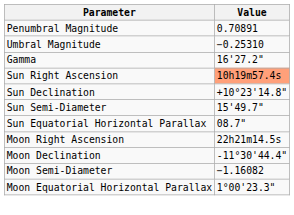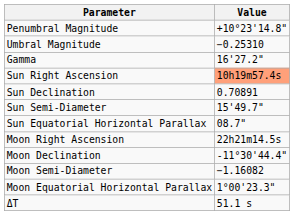 <table class="wikitable">
 <tr>
 <th>Parameter</th>
 <th>Value</th>
 </tr>
 <tr>
 <td>Penumbral Magnitude</td>
-<td>0.70891</td>
+<td>+10°23'14.8"</td>
 </tr>
 <tr>
 <td>Umbral Magnitude</td>
 <td>−0.25310</td>
 </tr>
 <tr>
 <td>Gamma</td>
 <td>16'27.2"</td>
 </tr>
 <tr>
 <td>Sun Right Ascension</td>
 <td style="background: lightsalmon;">10h19m57.4s</td>
 </tr>
 <tr>
 <td>Sun Declination</td>
-<td>+10°23'14.8"</td>
+<td>0.70891</td>
 </tr>
 <tr>
 <td>Sun Semi-Diameter</td>
 <td>15'49.7"</td>
 </tr>
 <tr>
 <td>Sun Equatorial Horizontal Parallax</td>
 <td>08.7"</td>
 </tr>
 <tr>
 <td>Moon Right Ascension</td>
 <td>22h21m14.5s</td>
 </tr>
 <tr>
 <td>Moon Declination</td>
 <td>-11°30'44.4"</td>
 </tr>
 <tr>
 <td>Moon Semi-Diameter</td>
 <td>−1.16082</td>
 </tr>
 <tr>
 <td>Moon Equatorial Horizontal Parallax</td>
 <td>1°00'23.3"</td>
 </tr>
+<tr>
+<td>ΔT</td>
+<td>51.1 s</td>
+</tr>
 </table>
